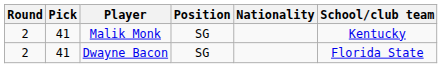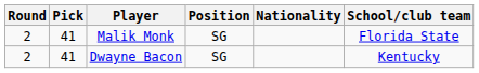 <table class="wikitable sortable sortable">
 <tr>
 <th>Round</th>
 <th>Pick</th>
 <th>Player</th>
 <th>Position</th>
 <th>Nationality</th>
 <th>School/club team</th>
 </tr>
 <tr style="text-align: center">
 <td>2</td>
 <td>41</td>
 <td><a href='#'>Malik Monk</a></td>
 <td>SG</td>
 <td></td>
-<td><a href='#'>Kentucky</a></td>
+<td><a href='#'>Florida State</a></td>
 </tr>
 <tr style="text-align: center">
 <td>2</td>
 <td>41</td>
 <td><a href='#'>Dwayne Bacon</a></td>
 <td>SG</td>
 <td></td>
-<td><a href='#'>Florida State</a></td>
+<td><a href='#'>Kentucky</a></td>
 </tr>
 </table>
